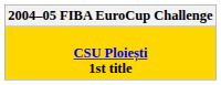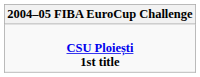 <table class=wikitable style="text-align:center; margin:auto">
 <tr>
 <th>2004–05 FIBA EuroCup Challenge</th>
 </tr>
 <tr>
-<td style="background: gold;"> <br> <strong><a href='#'>CSU Ploiești </a></strong> <br> <strong>1st title</strong></td>
+<td> <br> <strong><a href='#'>CSU Ploiești </a></strong> <br> <strong>1st title</strong></td>
 </tr>
 </table>
